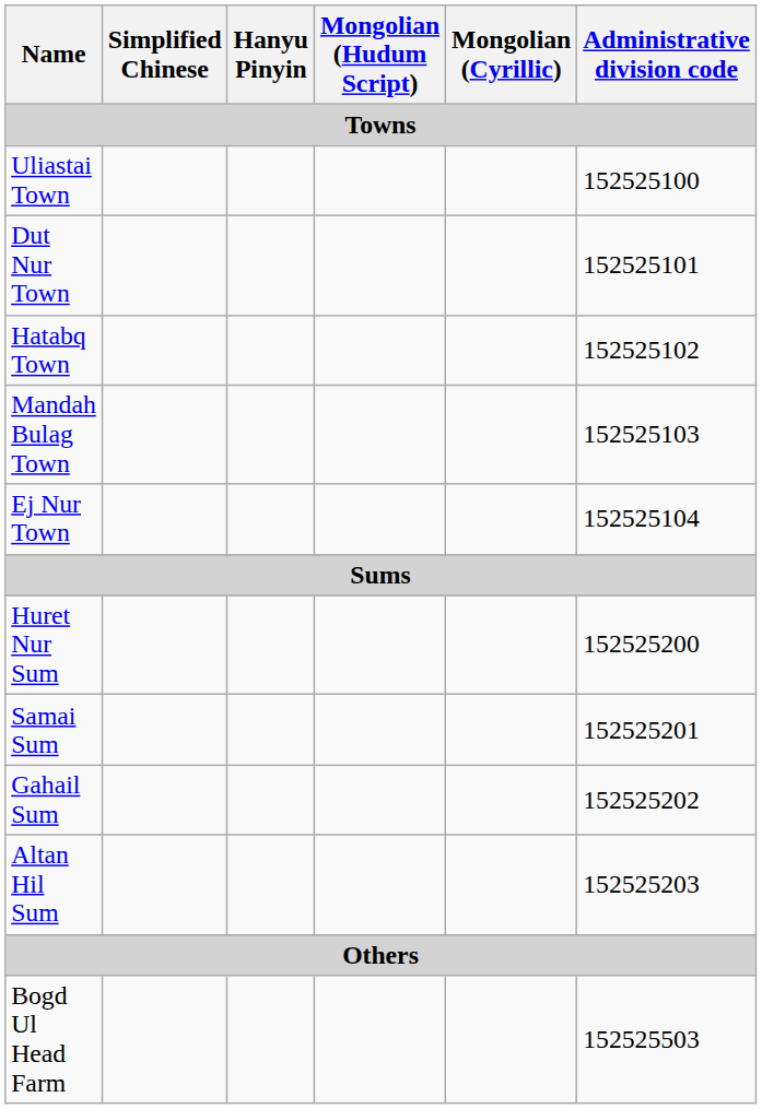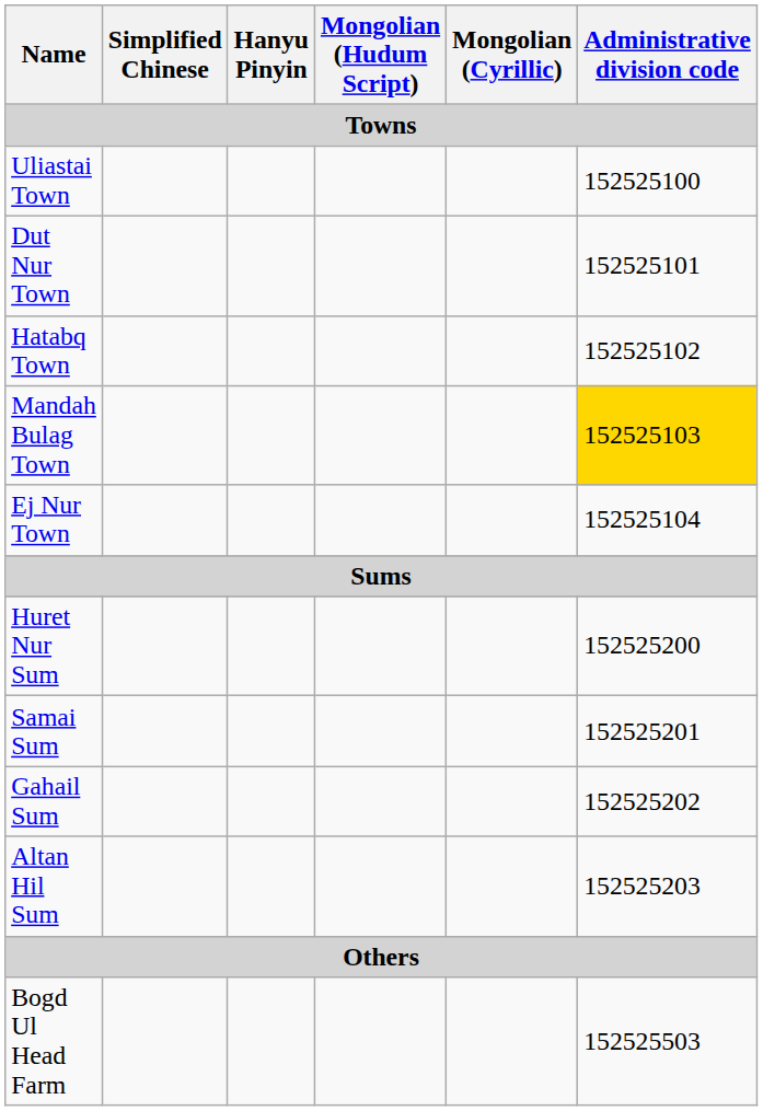 <table class="wikitable" align="center" style="width:50%; border="1">
 <tr>
 <th>Name</th>
 <th>Simplified Chinese</th>
 <th>Hanyu Pinyin</th>
 <th><a href='#'>Mongolian</a> (<a href='#'>Hudum Script</a>)</th>
 <th>Mongolian (<a href='#'>Cyrillic</a>)</th>
 <th><a href='#'>Administrative division code</a></th>
 </tr>
 <tr>
 <td colspan="6"  style="text-align:center; background:#d3d3d3;"><strong>Towns</strong></td>
 </tr>
 <tr --------->
 <td><a href='#'>Uliastai Town</a></td>
 <td></td>
 <td></td>
 <td></td>
 <td></td>
 <td>152525100</td>
 </tr>
 <tr>
 <td><a href='#'>Dut Nur Town</a></td>
 <td></td>
 <td></td>
 <td></td>
 <td></td>
 <td>152525101</td>
 </tr>
 <tr>
 <td><a href='#'>Hatabq Town</a></td>
 <td></td>
 <td></td>
 <td></td>
 <td></td>
 <td>152525102</td>
 </tr>
 <tr>
 <td><a href='#'>Mandah Bulag Town</a></td>
 <td></td>
 <td></td>
 <td></td>
 <td></td>
-<td>152525103</td>
+<td style="background: gold;">152525103</td>
 </tr>
 <tr>
 <td><a href='#'>Ej Nur Town</a></td>
 <td></td>
 <td></td>
 <td></td>
 <td></td>
 <td>152525104</td>
 </tr>
 <tr>
 <td colspan="6"  style="text-align:center; background:#d3d3d3;"><strong>Sums</strong></td>
 </tr>
 <tr --------->
 <td><a href='#'>Huret Nur Sum</a></td>
 <td></td>
 <td></td>
 <td></td>
 <td></td>
 <td>152525200</td>
 </tr>
 <tr>
 <td><a href='#'>Samai Sum</a></td>
 <td></td>
 <td></td>
 <td></td>
 <td></td>
 <td>152525201</td>
 </tr>
 <tr>
 <td><a href='#'>Gahail Sum</a></td>
 <td></td>
 <td></td>
 <td></td>
 <td></td>
 <td>152525202</td>
 </tr>
 <tr>
 <td><a href='#'>Altan Hil Sum</a></td>
 <td></td>
 <td></td>
 <td></td>
 <td></td>
 <td>152525203</td>
 </tr>
 <tr>
 <td colspan="6"  style="text-align:center; background:#d3d3d3;"><strong>Others</strong></td>
 </tr>
 <tr --------->
 <td>Bogd Ul Head Farm</td>
 <td></td>
 <td></td>
 <td></td>
 <td></td>
 <td>152525503</td>
 </tr>
 </table>
